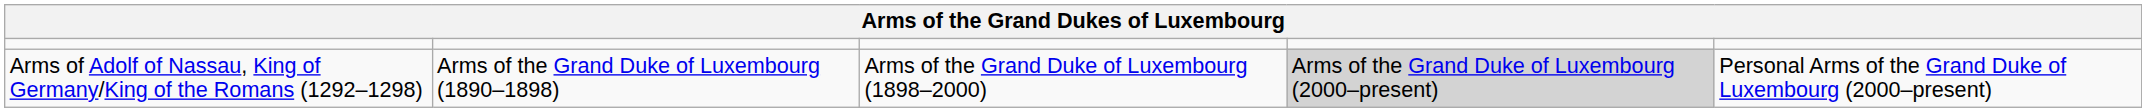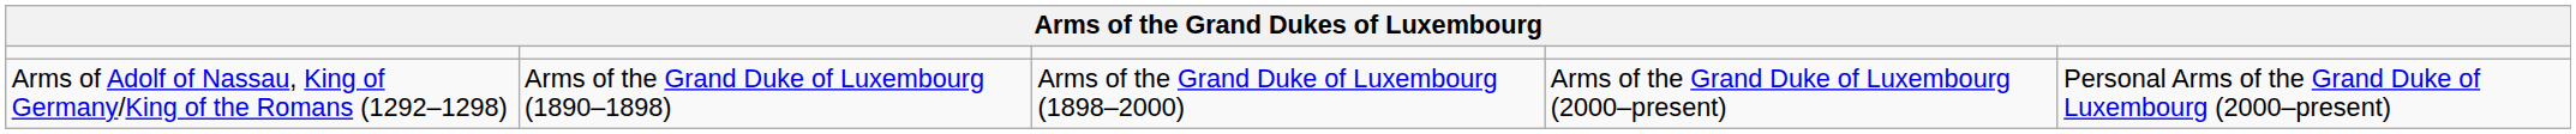 <table class="wikitable" width="100%">
 <tr>
 <th align=center colspan=5>Arms of the Grand Dukes of Luxembourg</th>
 </tr>
 <tr>
 <td align=center width="20%"></td>
 <td align=center width="20%"></td>
 <td align=center width="20%"></td>
 <td align=center width="20%"></td>
 <td align=center width="20%"></td>
 </tr>
 <tr>
 <td>Arms of <a href='#'>Adolf of Nassau</a>, <a href='#'>King of Germany</a>/<a href='#'>King of the Romans</a> (1292–1298)</td>
 <td>Arms of the <a href='#'>Grand Duke of Luxembourg</a> (1890–1898)</td>
 <td>Arms of the <a href='#'>Grand Duke of Luxembourg</a> (1898–2000)</td>
-<td style="background: lightgrey;">Arms of the <a href='#'>Grand Duke of Luxembourg</a> (2000–present)</td>
+<td>Arms of the <a href='#'>Grand Duke of Luxembourg</a> (2000–present)</td>
 <td>Personal Arms of the <a href='#'>Grand Duke of Luxembourg</a> (2000–present)</td>
 </tr>
 </table>
